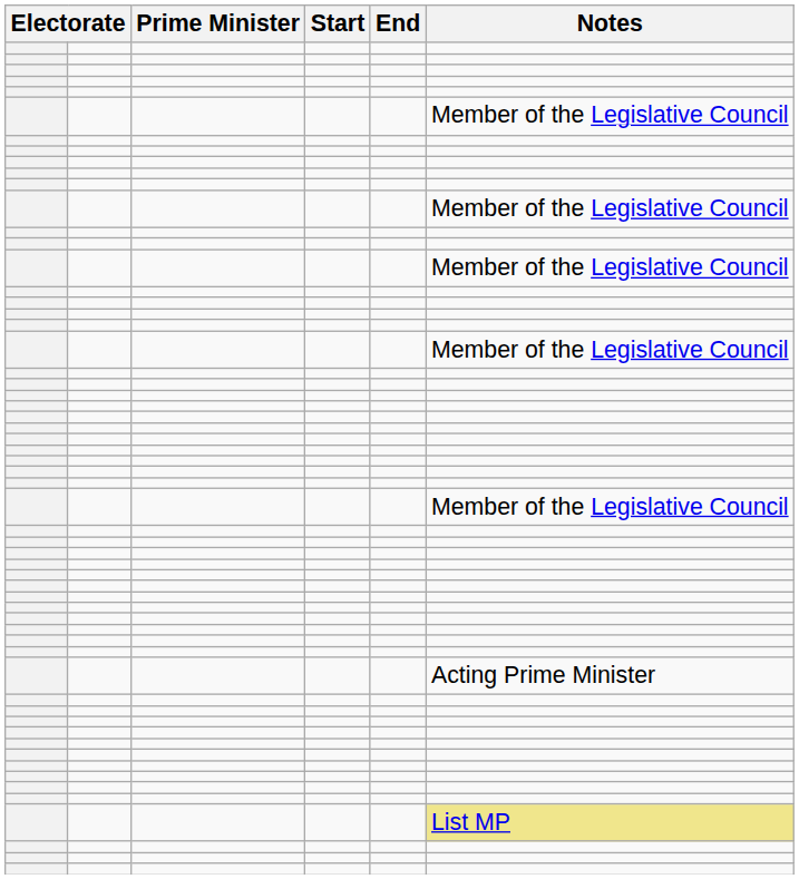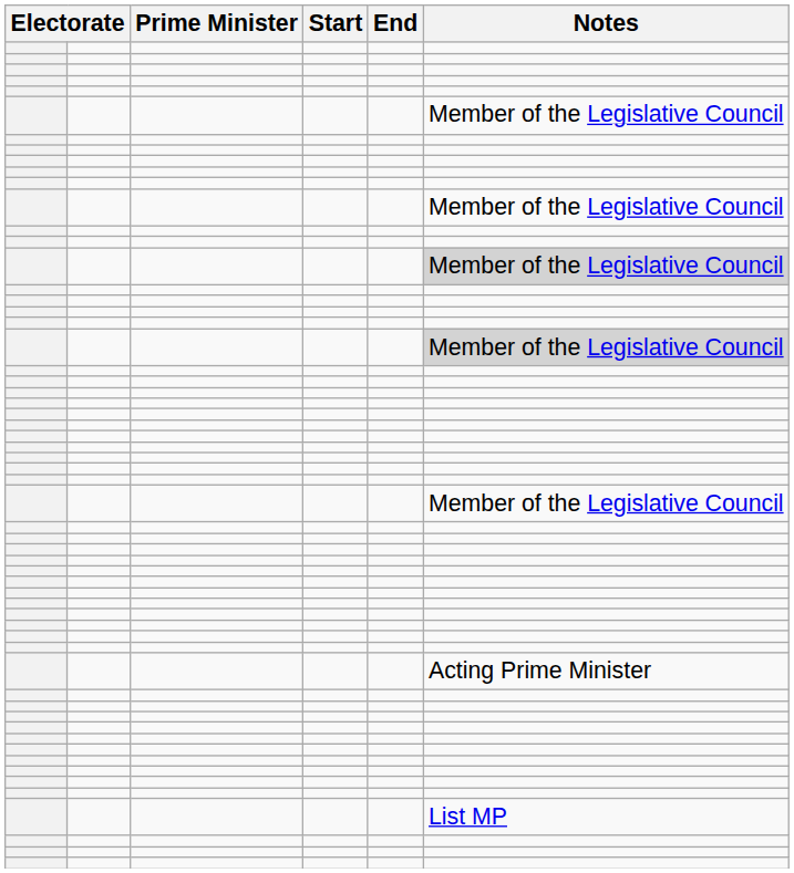 <table class="wikitable sortable">
 <tr>
 <th colspan=2>Electorate</th>
 <th>Prime Minister</th>
 <th>Start</th>
 <th>End</th>
 <th class="unsortable">Notes</th>
 </tr>
 <tr>
 <th style="background-color: "></th>
 <td></td>
 <td></td>
 <td></td>
 <td></td>
 <td></td>
 </tr>
 <tr>
 <th style="background-color: "></th>
 <td></td>
 <td></td>
 <td></td>
 <td></td>
 <td></td>
 </tr>
 <tr>
 <th style="background-color: "></th>
 <td></td>
 <td></td>
 <td></td>
 <td></td>
 <td></td>
 </tr>
 <tr>
 <th style="background-color: "></th>
 <td></td>
 <td></td>
 <td></td>
 <td></td>
 <td></td>
 </tr>
 <tr>
 <th style="background-color: "></th>
 <td></td>
 <td></td>
 <td></td>
 <td></td>
 <td></td>
 </tr>
 <tr>
 <th style="background-color: "></th>
 <td></td>
 <td></td>
 <td></td>
 <td></td>
 <td>Member of the <a href='#'>Legislative Council</a></td>
 </tr>
 <tr>
 <th style="background-color: "></th>
 <td></td>
 <td></td>
 <td></td>
 <td></td>
 <td></td>
 </tr>
 <tr>
 <th style="background-color: "></th>
 <td></td>
 <td></td>
 <td></td>
 <td></td>
 <td></td>
 </tr>
 <tr>
 <th style="background-color: "></th>
 <td></td>
 <td></td>
 <td></td>
 <td></td>
 <td></td>
 </tr>
 <tr>
 <th style="background-color: "></th>
 <td></td>
 <td></td>
 <td></td>
 <td></td>
 <td></td>
 </tr>
 <tr>
 <th style="background-color: "></th>
 <td></td>
 <td></td>
 <td></td>
 <td></td>
 <td></td>
 </tr>
 <tr>
 <th style="background-color: "></th>
 <td></td>
 <td></td>
 <td></td>
 <td></td>
 <td>Member of the <a href='#'>Legislative Council</a></td>
 </tr>
 <tr>
 <th style="background-color: "></th>
 <td></td>
 <td></td>
 <td></td>
 <td></td>
 <td></td>
 </tr>
 <tr>
 <th style="background-color: "></th>
 <td></td>
 <td></td>
 <td></td>
 <td></td>
 <td></td>
 </tr>
 <tr>
 <th style="background-color: "></th>
 <td></td>
 <td></td>
 <td></td>
 <td></td>
-<td>Member of the <a href='#'>Legislative Council</a></td>
+<td style="background: lightgrey;">Member of the <a href='#'>Legislative Council</a></td>
 </tr>
 <tr>
 <th style="background-color: "></th>
 <td></td>
 <td></td>
 <td></td>
 <td></td>
 <td></td>
 </tr>
 <tr>
 <th style="background-color: "></th>
 <td></td>
 <td></td>
 <td></td>
 <td></td>
 <td></td>
 </tr>
 <tr>
 <th style="background-color: "></th>
 <td></td>
 <td></td>
 <td></td>
 <td></td>
 <td></td>
 </tr>
 <tr>
 <th style="background-color: "></th>
 <td></td>
 <td></td>
 <td></td>
 <td></td>
 <td></td>
 </tr>
 <tr>
 <th style="background-color: "></th>
 <td></td>
 <td></td>
 <td></td>
 <td></td>
-<td>Member of the <a href='#'>Legislative Council</a></td>
+<td style="background: lightgrey;">Member of the <a href='#'>Legislative Council</a></td>
 </tr>
 <tr>
 <th style="background-color: "></th>
 <td></td>
 <td></td>
 <td></td>
 <td></td>
 <td></td>
 </tr>
 <tr>
 <th style="background-color: "></th>
 <td></td>
 <td></td>
 <td></td>
 <td></td>
 <td></td>
 </tr>
 <tr>
 <th style="background-color: "></th>
 <td></td>
 <td></td>
 <td></td>
 <td></td>
 <td></td>
 </tr>
 <tr>
 <th style="background-color: "></th>
 <td></td>
 <td></td>
 <td></td>
 <td></td>
 <td></td>
 </tr>
 <tr>
 <th style="background-color: "></th>
 <td></td>
 <td></td>
 <td></td>
 <td></td>
 <td></td>
 </tr>
 <tr>
 <th style="background-color: "></th>
 <td></td>
 <td></td>
 <td></td>
 <td></td>
 <td></td>
 </tr>
 <tr>
 <th style="background-color: "></th>
 <td></td>
 <td></td>
 <td></td>
 <td></td>
 <td></td>
 </tr>
 <tr>
 <th style="background-color: "></th>
 <td></td>
 <td></td>
 <td></td>
 <td></td>
 <td></td>
 </tr>
 <tr>
 <th style="background-color: "></th>
 <td></td>
 <td></td>
 <td></td>
 <td></td>
 <td></td>
 </tr>
 <tr>
 <th style="background-color: "></th>
 <td></td>
 <td></td>
 <td></td>
 <td></td>
 <td></td>
 </tr>
 <tr>
 <th style="background-color: "></th>
 <td></td>
 <td></td>
 <td></td>
 <td></td>
 <td></td>
 </tr>
 <tr>
 <th style="background-color: "></th>
 <td></td>
 <td></td>
 <td></td>
 <td></td>
 <td>Member of the <a href='#'>Legislative Council</a></td>
 </tr>
 <tr>
 <th style="background-color: "></th>
 <td></td>
 <td></td>
 <td></td>
 <td></td>
 <td></td>
 </tr>
 <tr>
 <th style="background-color: "></th>
 <td></td>
 <td></td>
 <td></td>
 <td></td>
 <td></td>
 </tr>
 <tr>
 <th style="background-color: "></th>
 <td></td>
 <td></td>
 <td></td>
 <td></td>
 <td></td>
 </tr>
 <tr>
 <th style="background-color: "></th>
 <td></td>
 <td></td>
 <td></td>
 <td></td>
 <td></td>
 </tr>
 <tr>
 <th style="background-color: "></th>
 <td></td>
 <td></td>
 <td></td>
 <td></td>
 <td></td>
 </tr>
 <tr>
 <th style="background-color: "></th>
 <td></td>
 <td></td>
 <td></td>
 <td></td>
 <td></td>
 </tr>
 <tr>
 <th style="background-color: "></th>
 <td></td>
 <td></td>
 <td></td>
 <td></td>
 <td></td>
 </tr>
 <tr>
 <th style="background-color: "></th>
 <td></td>
 <td></td>
 <td></td>
 <td></td>
 <td></td>
 </tr>
 <tr>
 <th style="background-color: "></th>
 <td></td>
 <td></td>
 <td></td>
 <td></td>
 <td></td>
 </tr>
 <tr>
 <th style="background-color: "></th>
 <td></td>
 <td></td>
 <td></td>
 <td></td>
 <td></td>
 </tr>
 <tr>
 <th style="background-color: "></th>
 <td></td>
 <td></td>
 <td></td>
 <td></td>
 <td></td>
 </tr>
 <tr>
 <th style="background-color: "></th>
 <td></td>
 <td></td>
 <td></td>
 <td></td>
 <td></td>
 </tr>
 <tr>
 <th style="background-color: "></th>
 <td></td>
 <td></td>
 <td></td>
 <td></td>
 <td>Acting Prime Minister</td>
 </tr>
 <tr>
 <th style="background-color: "></th>
 <td></td>
 <td></td>
 <td></td>
 <td></td>
 <td></td>
 </tr>
 <tr>
 <th style="background-color: "></th>
 <td></td>
 <td></td>
 <td></td>
 <td></td>
 <td></td>
 </tr>
 <tr>
 <th style="background-color: "></th>
 <td></td>
 <td></td>
 <td></td>
 <td></td>
 <td></td>
 </tr>
 <tr>
 <th style="background-color: "></th>
 <td></td>
 <td></td>
 <td></td>
 <td></td>
 <td></td>
 </tr>
 <tr>
 <th style="background-color: "></th>
 <td></td>
 <td></td>
 <td></td>
 <td></td>
 <td></td>
 </tr>
 <tr>
 <th style="background-color: "></th>
 <td></td>
 <td></td>
 <td></td>
 <td></td>
 <td></td>
 </tr>
 <tr>
 <th style="background-color: "></th>
 <td></td>
 <td></td>
 <td></td>
 <td></td>
 <td></td>
 </tr>
 <tr>
 <th style="background-color: "></th>
 <td></td>
 <td></td>
 <td></td>
 <td></td>
 <td></td>
 </tr>
 <tr>
 <th style="background-color: "></th>
 <td></td>
 <td></td>
 <td></td>
 <td></td>
 <td></td>
 </tr>
 <tr>
 <th style="background-color: "></th>
 <td></td>
 <td></td>
 <td></td>
 <td></td>
 <td></td>
 </tr>
 <tr>
 <th style="background-color: "></th>
 <td></td>
 <td></td>
 <td></td>
 <td></td>
-<td style="background: khaki;"><a href='#'>List MP</a></td>
+<td><a href='#'>List MP</a></td>
 </tr>
 <tr>
 <th style="background-color: "></th>
 <td></td>
 <td></td>
 <td></td>
 <td></td>
 <td></td>
 </tr>
 <tr>
 <th style="background-color: "></th>
 <td></td>
 <td></td>
 <td></td>
 <td></td>
 <td></td>
 </tr>
 <tr>
 <th style="background-color: "></th>
 <td></td>
 <td></td>
 <td></td>
 <td></td>
 <td></td>
 </tr>
 </table>
